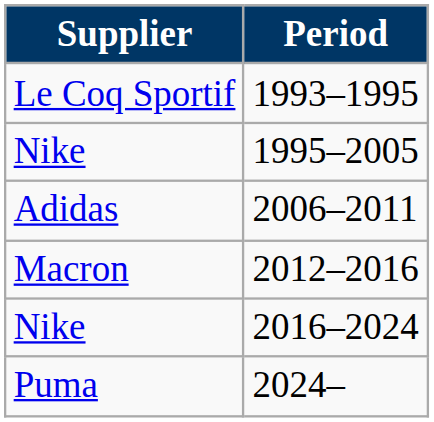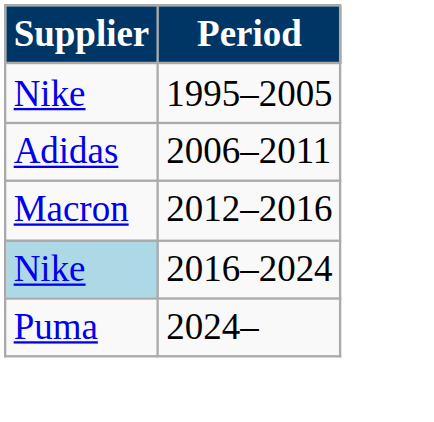 <table class="wikitable">
 <tr>
 <th style="background:#003665; color:white; ">Supplier</th>
 <th style="background:#003665; color:white; ">Period</th>
-</tr>
-<tr>
-<td> <a href='#'>Le Coq Sportif</a></td>
-<td>1993–1995</td>
 </tr>
 <tr>
 <td> <a href='#'>Nike</a></td>
 <td>1995–2005</td>
 </tr>
 <tr>
 <td> <a href='#'>Adidas</a></td>
 <td>2006–2011</td>
 </tr>
 <tr>
 <td> <a href='#'>Macron</a></td>
 <td>2012–2016</td>
 </tr>
 <tr>
-<td> <a href='#'>Nike</a></td>
+<td style="background: lightblue;"> <a href='#'>Nike</a></td>
 <td>2016–2024</td>
 </tr>
 <tr>
 <td> <a href='#'>Puma</a></td>
 <td>2024–</td>
 </tr>
 </table>
